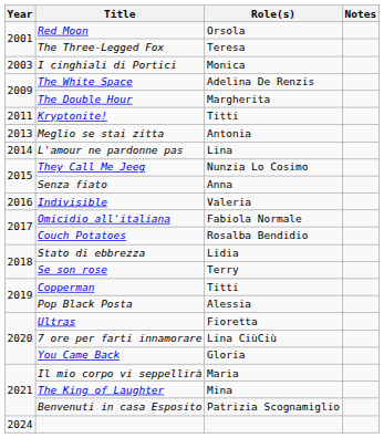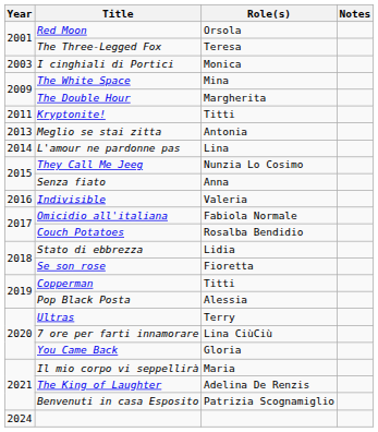 <table class="wikitable plainrowheaders sortable">
 <tr>
 <th scope="col">Year</th>
 <th scope="col">Title</th>
 <th scope="col">Role(s)</th>
 <th scope="col" class="unsortable">Notes</th>
 </tr>
 <tr>
 <td rowspan="2">2001</td>
 <td><em><a href='#'>Red Moon</a></em></td>
 <td>Orsola</td>
 <td></td>
 </tr>
 <tr>
 <td><em>The Three-Legged Fox</em></td>
 <td>Teresa</td>
 <td></td>
 </tr>
 <tr>
 <td>2003</td>
 <td><em>I cinghiali di Portici</em></td>
 <td>Monica</td>
 <td></td>
 </tr>
 <tr>
 <td rowspan="2">2009</td>
 <td><em><a href='#'>The White Space</a></em></td>
-<td>Adelina De Renzis</td>
+<td>Mina</td>
 <td></td>
 </tr>
 <tr>
 <td><em><a href='#'>The Double Hour</a></em></td>
 <td>Margherita</td>
 <td></td>
 </tr>
 <tr>
 <td>2011</td>
 <td><em><a href='#'>Kryptonite!</a></em></td>
 <td>Titti</td>
 <td></td>
 </tr>
 <tr>
 <td>2013</td>
 <td><em>Meglio se stai zitta</em></td>
 <td>Antonia</td>
 <td></td>
 </tr>
 <tr>
 <td>2014</td>
 <td><em>L'amour ne pardonne pas</em></td>
 <td>Lina</td>
 <td></td>
 </tr>
 <tr>
 <td rowspan="2">2015</td>
 <td><em><a href='#'>They Call Me Jeeg</a></em></td>
 <td>Nunzia Lo Cosimo</td>
 <td></td>
 </tr>
 <tr>
 <td><em>Senza fiato</em></td>
 <td>Anna</td>
 <td></td>
 </tr>
 <tr>
 <td>2016</td>
 <td><em><a href='#'>Indivisible</a></em></td>
 <td>Valeria</td>
 <td></td>
 </tr>
 <tr>
 <td rowspan="2">2017</td>
 <td><em><a href='#'>Omicidio all'italiana</a></em></td>
 <td>Fabiola Normale</td>
 <td></td>
 </tr>
 <tr>
 <td><em><a href='#'>Couch Potatoes</a></em></td>
 <td>Rosalba Bendidio</td>
 <td></td>
 </tr>
 <tr>
 <td rowspan="2">2018</td>
 <td><em>Stato di ebbrezza</em></td>
 <td>Lidia</td>
 <td></td>
 </tr>
 <tr>
 <td><em><a href='#'>Se son rose</a></em></td>
-<td>Terry</td>
+<td>Fioretta</td>
 <td></td>
 </tr>
 <tr>
 <td rowspan="2">2019</td>
 <td><em><a href='#'>Copperman</a></em></td>
 <td>Titti</td>
 <td></td>
 </tr>
 <tr>
 <td><em>Pop Black Posta</em></td>
 <td>Alessia</td>
 <td></td>
 </tr>
 <tr>
 <td rowspan="3">2020</td>
 <td><em><a href='#'>Ultras</a></em></td>
-<td>Fioretta</td>
+<td>Terry</td>
 <td></td>
 </tr>
 <tr>
 <td><em>7 ore per farti innamorare</em></td>
 <td>Lina CiùCiù</td>
 <td></td>
 </tr>
 <tr>
 <td><em><a href='#'>You Came Back</a></em></td>
 <td>Gloria</td>
 <td></td>
 </tr>
 <tr>
 <td rowspan="3">2021</td>
 <td><em>Il mio corpo vi seppellirà</em></td>
 <td>Maria</td>
 <td></td>
 </tr>
 <tr>
 <td><em><a href='#'>The King of Laughter</a></em></td>
-<td>Mina</td>
+<td>Adelina De Renzis</td>
 <td></td>
 </tr>
 <tr>
 <td><em>Benvenuti in casa Esposito</em></td>
 <td>Patrizia Scognamiglio</td>
 <td></td>
 </tr>
 <tr>
 <td>2024</td>
 <td></td>
 <td></td>
 </tr>
 </table>
